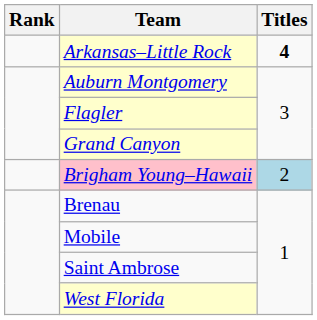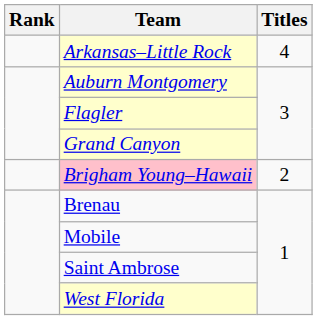 <table class="wikitable sortable" style="text-align:center">
 <tr>
 <th>Rank</th>
 <th>Team</th>
 <th>Titles</th>
 </tr>
 <tr>
 <td></td>
 <td align=left bgcolor=#ffffcc><em><a href='#'>Arkansas–Little Rock</a></em></td>
-<td><strong>4</strong></td>
+<td>4</td>
 </tr>
 <tr>
 <td rowspan=3></td>
 <td align=left bgcolor=#ffffcc><em><a href='#'>Auburn Montgomery</a></em></td>
 <td rowspan=3>3</td>
 </tr>
 <tr>
 <td align=left bgcolor=#ffffcc><em><a href='#'>Flagler</a></em></td>
 </tr>
 <tr>
 <td align=left bgcolor=#ffffcc><em><a href='#'>Grand Canyon</a></em></td>
 </tr>
 <tr>
 <td></td>
 <td align=left bgcolor=pink><em><a href='#'>Brigham Young–Hawaii</a></em></td>
-<td style="background: lightblue;">2</td>
+<td>2</td>
 </tr>
 <tr>
 <td rowspan=4></td>
 <td align=left><a href='#'>Brenau</a></td>
 <td rowspan=4>1</td>
 </tr>
 <tr>
 <td align=left><a href='#'>Mobile</a></td>
 </tr>
 <tr>
 <td align=left><a href='#'>Saint Ambrose</a></td>
 </tr>
 <tr>
 <td align=left bgcolor=#ffffcc><em><a href='#'>West Florida</a></em></td>
 </tr>
 </table>
